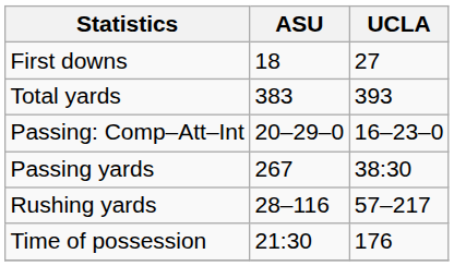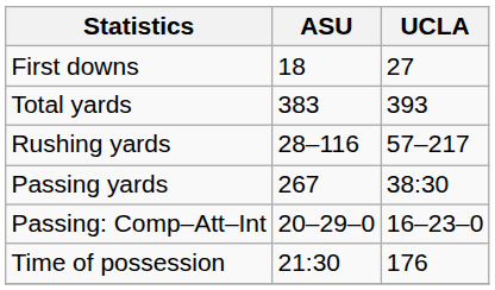 <table class="wikitable" style="float: left;">
 <tr>
 <th>Statistics</th>
 <th>ASU</th>
 <th>UCLA</th>
 </tr>
 <tr>
 <td>First downs</td>
 <td>18</td>
 <td>27</td>
 </tr>
 <tr>
 <td>Total yards</td>
 <td>383</td>
 <td>393</td>
 </tr>
 <tr>
-<td>Passing: Comp–Att–Int</td>
-<td>20–29–0</td>
-<td>16–23–0</td>
+<td>Rushing yards</td>
+<td>28–116</td>
+<td>57–217</td>
 </tr>
 <tr>
 <td>Passing yards</td>
 <td>267</td>
 <td>38:30</td>
 </tr>
 <tr>
-<td>Rushing yards</td>
-<td>28–116</td>
-<td>57–217</td>
+<td>Passing: Comp–Att–Int</td>
+<td>20–29–0</td>
+<td>16–23–0</td>
 </tr>
 <tr>
 <td>Time of possession</td>
 <td>21:30</td>
 <td>176</td>
 </tr>
 <tr>
 </tr>
 </table>
